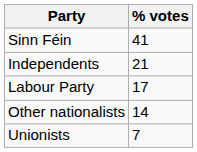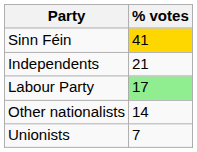 <table class=wikitable>
 <tr>
 <th>Party</th>
 <th>% votes</th>
 </tr>
 <tr>
 <td>Sinn Féin</td>
-<td>41</td>
+<td style="background: gold;">41</td>
 </tr>
 <tr>
 <td>Independents</td>
 <td>21</td>
 </tr>
 <tr>
 <td>Labour Party</td>
-<td>17</td>
+<td style="background: lightgreen;">17</td>
 </tr>
 <tr>
 <td>Other nationalists</td>
 <td>14</td>
 </tr>
 <tr>
 <td>Unionists</td>
 <td>7</td>
 </tr>
 </table>
